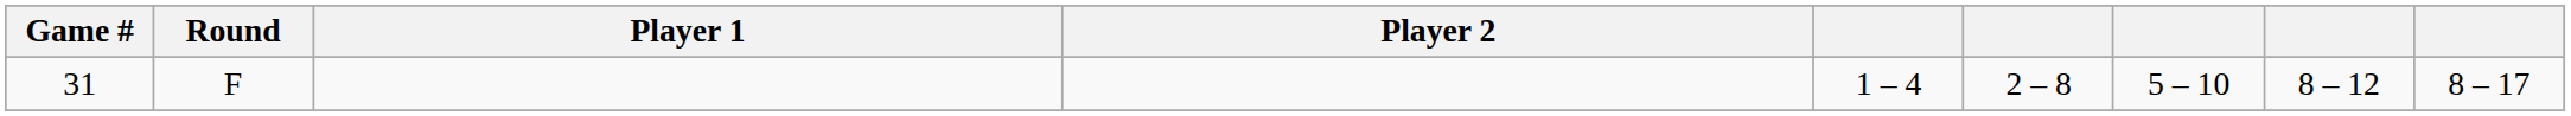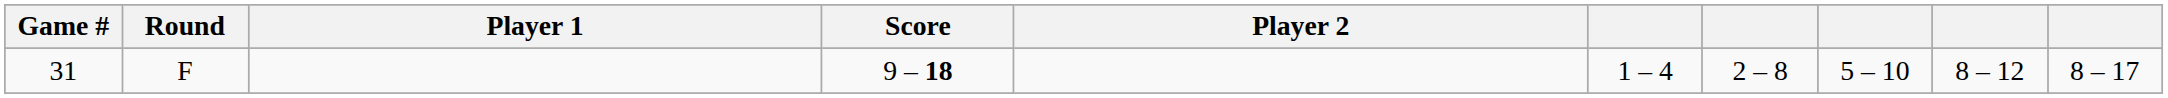 <table class="wikitable">
 <tr>
 <th width="2%">Game #</th>
 <th width="2%">Round</th>
 <th width="15%">Player 1</th>
+<th width="5%">Score</th>
 <th width="15%">Player 2</th>
 <th width="3%"></th>
 <th width="3%"></th>
 <th width="3%"></th>
 <th width="3%"></th>
 <th width="3%"></th>
 </tr>
 <tr style=text-align:center;"background:#;">
 <td>31</td>
 <td>F</td>
 <td></td>
+<td>9 – <strong>18</strong></td>
 <td><strong></strong></td>
 <td>1 – 4</td>
 <td>2 – 8</td>
 <td>5 – 10</td>
 <td>8 – 12</td>
 <td>8 – 17</td>
 </tr>
 </table>
